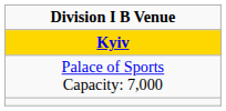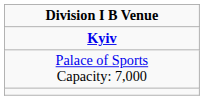 <table class="wikitable floatright" style="text-align:center;" width=220px>
 <tr>
 <td><strong>Division I B Venue</strong></td>
 </tr>
 <tr>
-<td width=220px style="background: gold;"><strong><a href='#'>Kyiv</a></strong></td>
+<td width=220px><strong><a href='#'>Kyiv</a></strong></td>
 </tr>
 <tr>
 <td><a href='#'>Palace of Sports</a><br>Capacity: 7,000</td>
 </tr>
 <tr>
 <td></td>
 </tr>
 </table>
